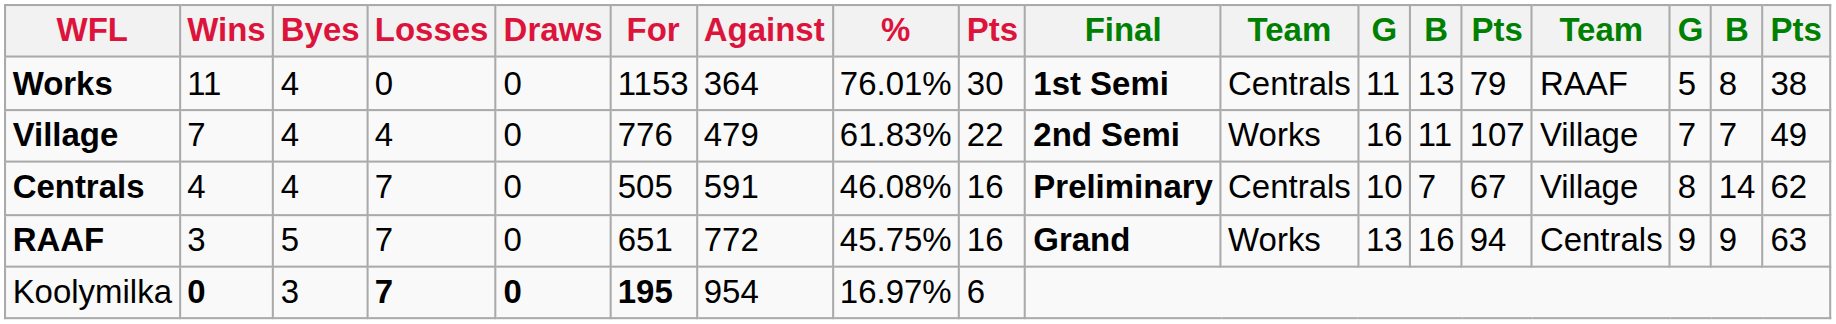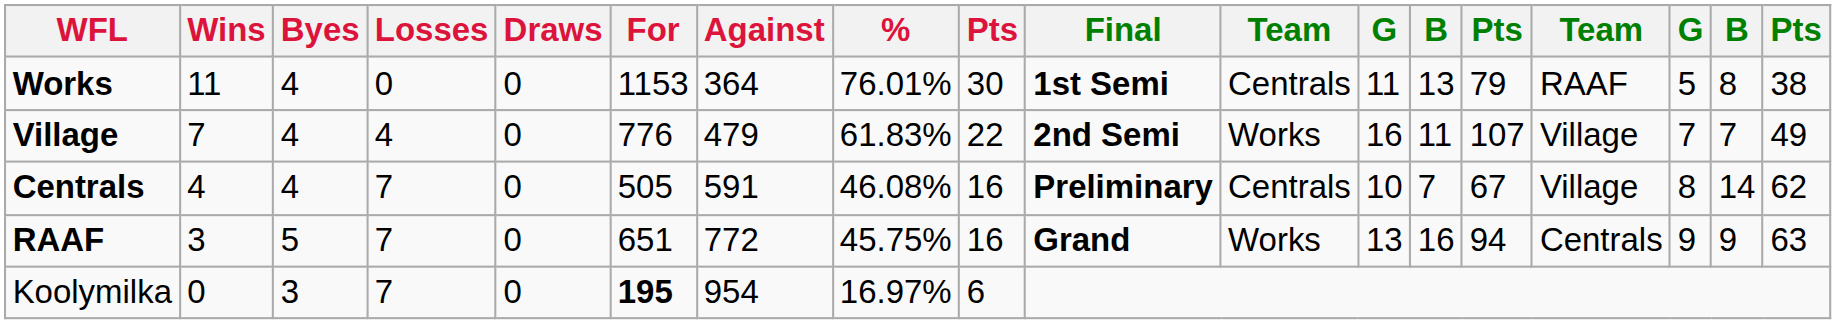 <table class="wikitable">
 <tr>
 <th style="color:crimson">WFL</th>
 <th style="color:crimson">Wins</th>
 <th style="color:crimson">Byes</th>
 <th style="color:crimson">Losses</th>
 <th style="color:crimson">Draws</th>
 <th style="color:crimson">For</th>
 <th style="color:crimson">Against</th>
 <th style="color:crimson">%</th>
 <th style="color:crimson">Pts</th>
 <th style="color:green">Final</th>
 <th style="color:green">Team</th>
 <th style="color:green">G</th>
 <th style="color:green">B</th>
 <th style="color:green">Pts</th>
 <th style="color:green">Team</th>
 <th style="color:green">G</th>
 <th style="color:green">B</th>
 <th style="color:green">Pts</th>
 </tr>
 <tr>
 <td><strong>	Works	</strong></td>
 <td>11</td>
 <td>4</td>
 <td>0</td>
 <td>0</td>
 <td>1153</td>
 <td>364</td>
 <td>76.01%</td>
 <td>30</td>
 <td><strong>1st Semi</strong></td>
 <td>Centrals</td>
 <td>11</td>
 <td>13</td>
 <td>79</td>
 <td>RAAF</td>
 <td>5</td>
 <td>8</td>
 <td>38</td>
 </tr>
 <tr>
 <td><strong>	Village	</strong></td>
 <td>7</td>
 <td>4</td>
 <td>4</td>
 <td>0</td>
 <td>776</td>
 <td>479</td>
 <td>61.83%</td>
 <td>22</td>
 <td><strong>2nd Semi</strong></td>
 <td>Works</td>
 <td>16</td>
 <td>11</td>
 <td>107</td>
 <td>Village</td>
 <td>7</td>
 <td>7</td>
 <td>49</td>
 </tr>
 <tr>
 <td><strong>	Centrals	</strong></td>
 <td>4</td>
 <td>4</td>
 <td>7</td>
 <td>0</td>
 <td>505</td>
 <td>591</td>
 <td>46.08%</td>
 <td>16</td>
 <td><strong>Preliminary</strong></td>
 <td>Centrals</td>
 <td>10</td>
 <td>7</td>
 <td>67</td>
 <td>Village</td>
 <td>8</td>
 <td>14</td>
 <td>62</td>
 </tr>
 <tr>
 <td><strong>	RAAF	</strong></td>
 <td>3</td>
 <td>5</td>
 <td>7</td>
 <td>0</td>
 <td>651</td>
 <td>772</td>
 <td>45.75%</td>
 <td>16</td>
 <td><strong>Grand</strong></td>
 <td>Works</td>
 <td>13</td>
 <td>16</td>
 <td>94</td>
 <td>Centrals</td>
 <td>9</td>
 <td>9</td>
 <td>63</td>
 </tr>
 <tr>
 <td>Koolymilka</td>
-<td><strong>0</strong></td>
+<td>0</td>
 <td>3</td>
-<td><strong>7</strong></td>
-<td><strong>0</strong></td>
+<td>7</td>
+<td>0</td>
 <td><strong>195</strong></td>
 <td>954</td>
 <td>16.97%</td>
 <td>6</td>
 </tr>
 </table>
